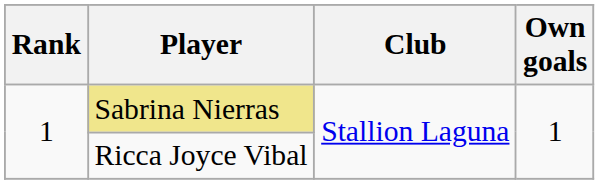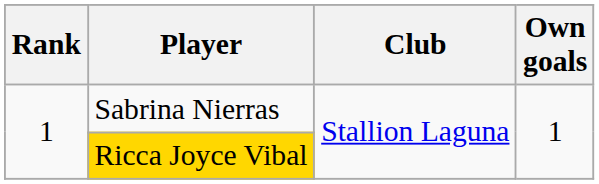 <table class="wikitable" style="text-align:center">
 <tr>
 <th>Rank</th>
 <th>Player</th>
 <th>Club</th>
 <th>Own<br>goals</th>
 </tr>
 <tr>
 <td rowspan = 2>1</td>
-<td align="left" style="background: khaki;"> Sabrina Nierras</td>
+<td align="left"> Sabrina Nierras</td>
 <td rowspan = 2 align="left"><a href='#'>Stallion Laguna</a></td>
 <td rowspan = 2>1</td>
 </tr>
 <tr>
-<td align="left"> Ricca Joyce Vibal</td>
+<td align="left" style="background: gold;"> Ricca Joyce Vibal</td>
 </tr>
 </table>
